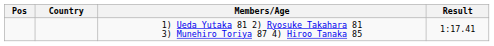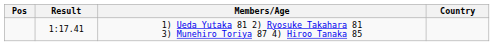 <table class="wikitable"  style="text-align:center; width:60%;">
 <tr>
 <th>Pos</th>
+<th>Result</th>
+<th>Members/Age</th>
 <th>Country</th>
-<th>Members/Age</th>
-<th>Result</th>
 </tr>
 <tr>
 <td align=center></td>
+<td>1:17.41</td>
+<td>1) <a href='#'>Ueda Yutaka</a> 81 2) <a href='#'>Ryosuke Takahara</a> 81<br>3) <a href='#'>Munehiro Toriya</a> 87 4) <a href='#'>Hiroo Tanaka</a> 85</td>
 <td align=left></td>
-<td>1) <a href='#'>Ueda Yutaka</a> 81 2) <a href='#'>Ryosuke Takahara</a> 81<br>3) <a href='#'>Munehiro Toriya</a> 87 4) <a href='#'>Hiroo Tanaka</a> 85</td>
-<td>1:17.41</td>
 </tr>
 </table>
